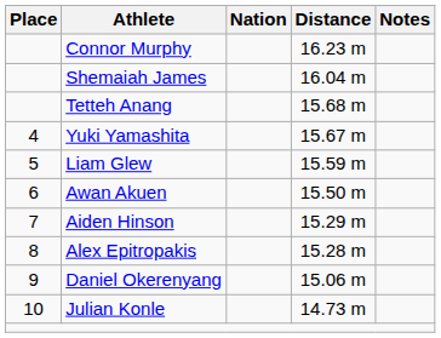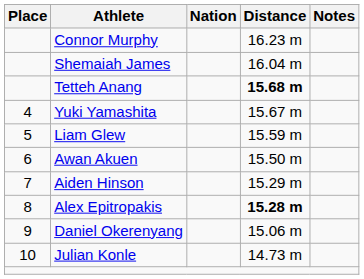 <table class="wikitable mw-datatable sortable" style="text-align:center;">
 <tr>
 <th scope="col">Place</th>
 <th scope="col">Athlete</th>
 <th scope="col">Nation</th>
 <th scope="col">Distance</th>
 <th scope="col">Notes</th>
 </tr>
 <tr>
 <td></td>
 <td align="left"><a href='#'>Connor Murphy</a></td>
 <td align="left"></td>
 <td>16.23 m </td>
 <td></td>
 </tr>
 <tr>
 <td></td>
 <td align="left"><a href='#'>Shemaiah James</a></td>
 <td align="left"></td>
 <td>16.04 m </td>
 <td></td>
 </tr>
 <tr>
 <td></td>
 <td align="left"><a href='#'>Tetteh Anang</a></td>
 <td align="left"></td>
-<td>15.68 m </td>
+<td><strong>15.68 m </strong></td>
 <td></td>
 </tr>
 <tr>
 <td>4</td>
 <td align="left"><a href='#'>Yuki Yamashita</a></td>
 <td align="left"></td>
 <td>15.67 m </td>
 <td></td>
 </tr>
 <tr>
 <td>5</td>
 <td align="left"><a href='#'>Liam Glew</a></td>
 <td align="left"></td>
 <td>15.59 m </td>
 <td></td>
 </tr>
 <tr>
 <td>6</td>
 <td align="left"><a href='#'>Awan Akuen</a></td>
 <td align="left"></td>
 <td>15.50 m </td>
 <td></td>
 </tr>
 <tr>
 <td>7</td>
 <td align="left"><a href='#'>Aiden Hinson</a></td>
 <td align="left"></td>
 <td>15.29 m </td>
 <td></td>
 </tr>
 <tr>
 <td>8</td>
 <td align="left"><a href='#'>Alex Epitropakis</a></td>
 <td align="left"></td>
-<td>15.28 m </td>
+<td><strong>15.28 m </strong></td>
 <td></td>
 </tr>
 <tr>
 <td>9</td>
 <td align="left"><a href='#'>Daniel Okerenyang</a></td>
 <td align="left"></td>
 <td>15.06 m </td>
 <td></td>
 </tr>
 <tr>
 <td>10</td>
 <td align="left"><a href='#'>Julian Konle</a></td>
 <td align="left"></td>
 <td>14.73 m </td>
 <td></td>
 </tr>
 <tr class="sortbottom">
 <td colspan="5"></td>
 </tr>
 </table>
